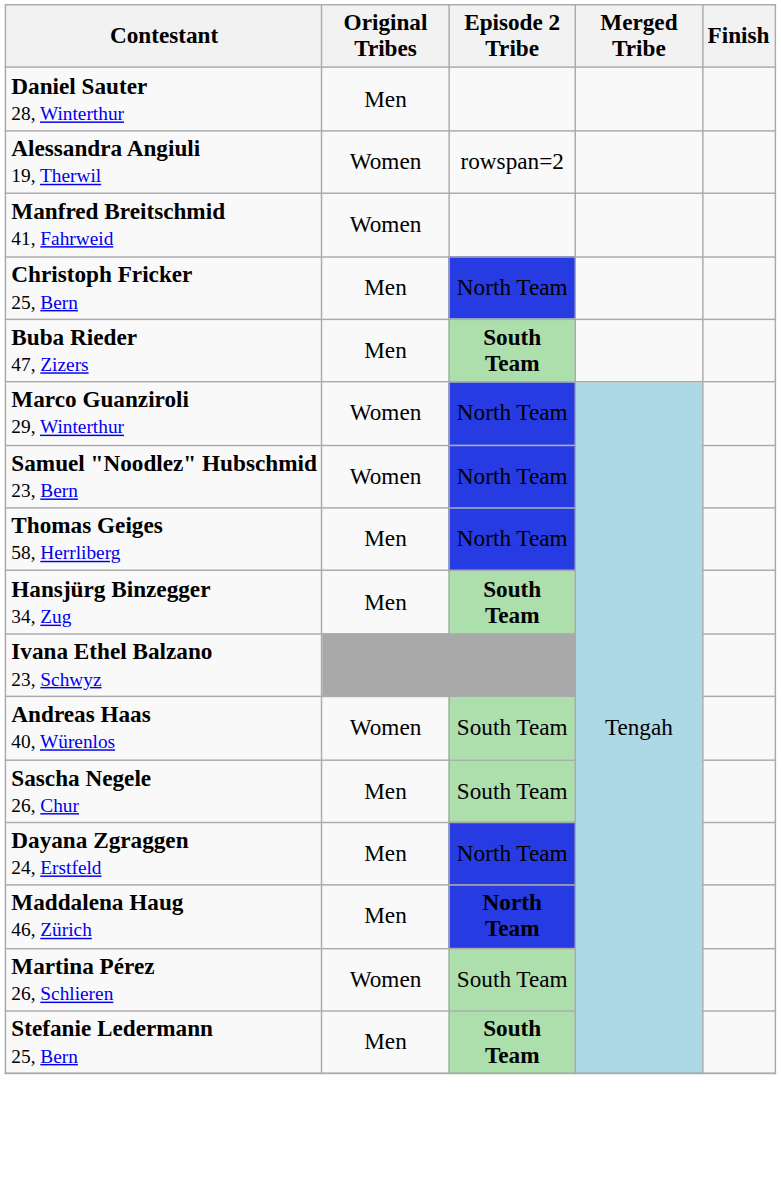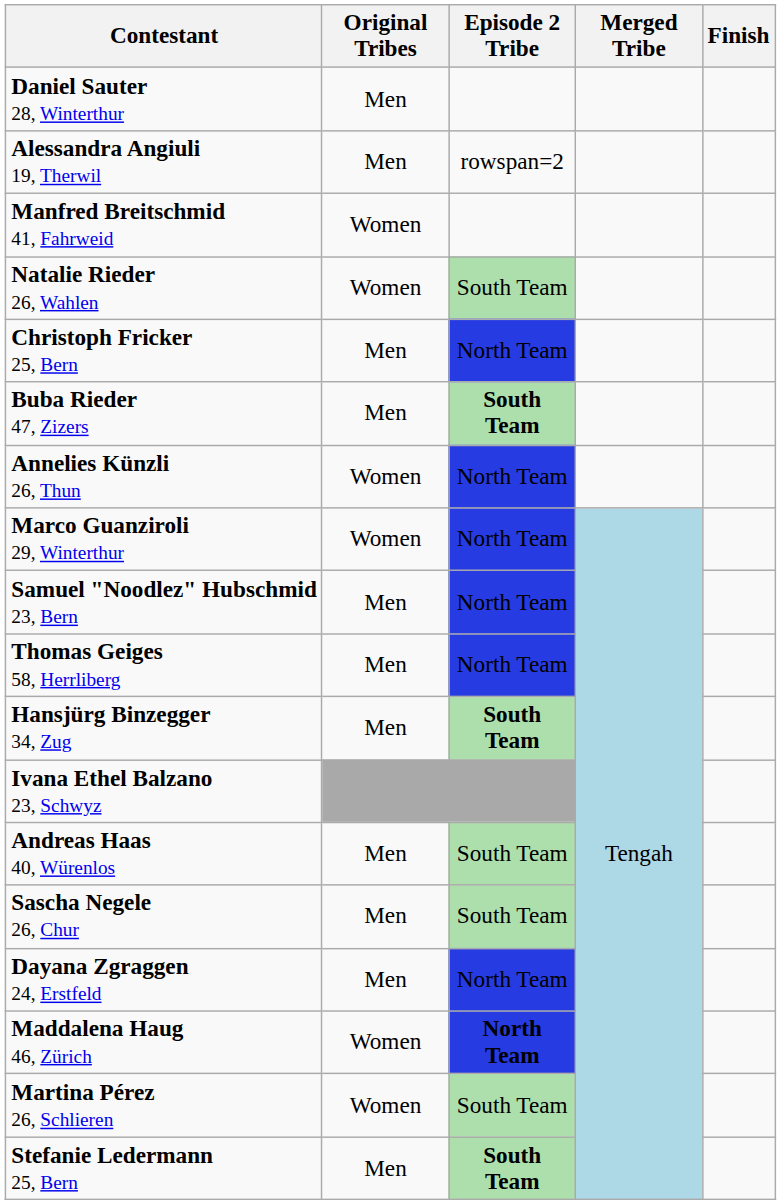 <table class="wikitable" style="margin:auto; text-align:center">
 <tr>
 <th>Contestant</th>
 <th width=80>Original<br>Tribes</th>
 <th width=80>Episode 2<br>Tribe</th>
 <th width=80>Merged<br>Tribe</th>
 <th>Finish</th>
 </tr>
 <tr>
 <td align="left"><strong>Daniel Sauter</strong><br><small>28, <a href='#'>Winterthur</a></small></td>
 <td>Men</td>
 <td></td>
 <td></td>
 <td></td>
 </tr>
 <tr>
 <td align="left"><strong>Alessandra Angiuli</strong><br><small>19, <a href='#'>Therwil</a></small></td>
-<td>Women</td>
+<td>Men</td>
 <td>rowspan=2 </td>
 <td></td>
 <td></td>
 </tr>
 <tr>
 <td align="left"><strong>Manfred Breitschmid</strong><br><small>41, <a href='#'>Fahrweid</a></small></td>
 <td>Women</td>
+<td></td>
+<td></td>
+</tr>
+<tr>
+<td align="left"><strong>Natalie Rieder</strong><br><small>26, <a href='#'>Wahlen</a></small></td>
+<td>Women</td>
+<td bgcolor="#ADDFAD">South Team</td>
 <td></td>
 <td></td>
 </tr>
 <tr>
 <td align="left"><strong>Christoph Fricker</strong><br><small>25, <a href='#'>Bern</a></small></td>
 <td>Men</td>
 <td bgcolor="#273BE2"><span>North Team</span></td>
 <td></td>
 <td></td>
 </tr>
 <tr>
 <td align="left"><strong>Buba Rieder</strong><br><small>47, <a href='#'>Zizers</a></small></td>
 <td>Men</td>
 <td bgcolor="#ADDFAD"><strong>South Team</strong></td>
 <td></td>
 <td></td>
 </tr>
 <tr>
+<td align="left"><strong>Annelies Künzli</strong><br><small>26, <a href='#'>Thun</a></small></td>
+<td>Women</td>
+<td bgcolor="#273BE2"><span>North Team</span></td>
+<td></td>
+<td></td>
+</tr>
+<tr>
 <td align="left"><strong>Marco Guanziroli</strong><br><small>29, <a href='#'>Winterthur</a></small></td>
 <td>Women</td>
 <td bgcolor="#273BE2"><span>North Team</span></td>
 <td bgcolor="lightblue" rowspan=11>Tengah</td>
 <td></td>
 </tr>
 <tr>
 <td align="left"><strong>Samuel "Noodlez" Hubschmid</strong><br><small>23, <a href='#'>Bern</a></small></td>
-<td>Women</td>
+<td>Men</td>
 <td bgcolor="#273BE2"><span>North Team</span></td>
 <td></td>
 </tr>
 <tr>
 <td align="left"><strong>Thomas Geiges</strong><br><small>58, <a href='#'>Herrliberg</a></small></td>
 <td>Men</td>
 <td bgcolor="#273BE2"><span>North Team</span></td>
 <td></td>
 </tr>
 <tr>
 <td align="left"><strong>Hansjürg Binzegger</strong><br><small>34, <a href='#'>Zug</a></small></td>
 <td>Men</td>
 <td bgcolor="#ADDFAD"><strong>South Team</strong></td>
 <td></td>
 </tr>
 <tr>
 <td align="left"><strong>Ivana Ethel Balzano</strong><br><small>23, <a href='#'>Schwyz</a></small></td>
 <td bgcolor="darkgray" colspan=2></td>
 <td></td>
 </tr>
 <tr>
 <td align="left"><strong>Andreas Haas</strong><br><small>40, <a href='#'>Würenlos</a></small></td>
-<td>Women</td>
+<td>Men</td>
 <td bgcolor="#ADDFAD">South Team</td>
 <td></td>
 </tr>
 <tr>
 <td align="left"><strong>Sascha Negele</strong><br><small>26, <a href='#'>Chur</a> </small></td>
 <td>Men</td>
 <td bgcolor="#ADDFAD">South Team</td>
 <td></td>
 </tr>
 <tr>
 <td align="left"><strong>Dayana Zgraggen</strong><br><small>24, <a href='#'>Erstfeld</a></small></td>
 <td>Men</td>
 <td bgcolor="#273BE2"><span>North Team</span></td>
 <td></td>
 </tr>
 <tr>
 <td align="left"><strong>Maddalena Haug</strong><br><small>46, <a href='#'>Zürich</a></small></td>
-<td>Men</td>
+<td>Women</td>
 <td bgcolor="#273BE2"><strong><span>North Team</span></strong></td>
 <td></td>
 </tr>
 <tr>
 <td align="left"><strong>Martina Pérez</strong><br><small>26, <a href='#'>Schlieren</a></small></td>
 <td>Women</td>
 <td bgcolor="#ADDFAD">South Team</td>
 <td></td>
 </tr>
 <tr>
 <td align="left"><strong>Stefanie Ledermann</strong><br><small>25, <a href='#'>Bern</a></small></td>
 <td>Men</td>
 <td bgcolor="#ADDFAD"><strong>South Team</strong></td>
 <td></td>
 </tr>
 <tr>
 </tr>
 </table>
